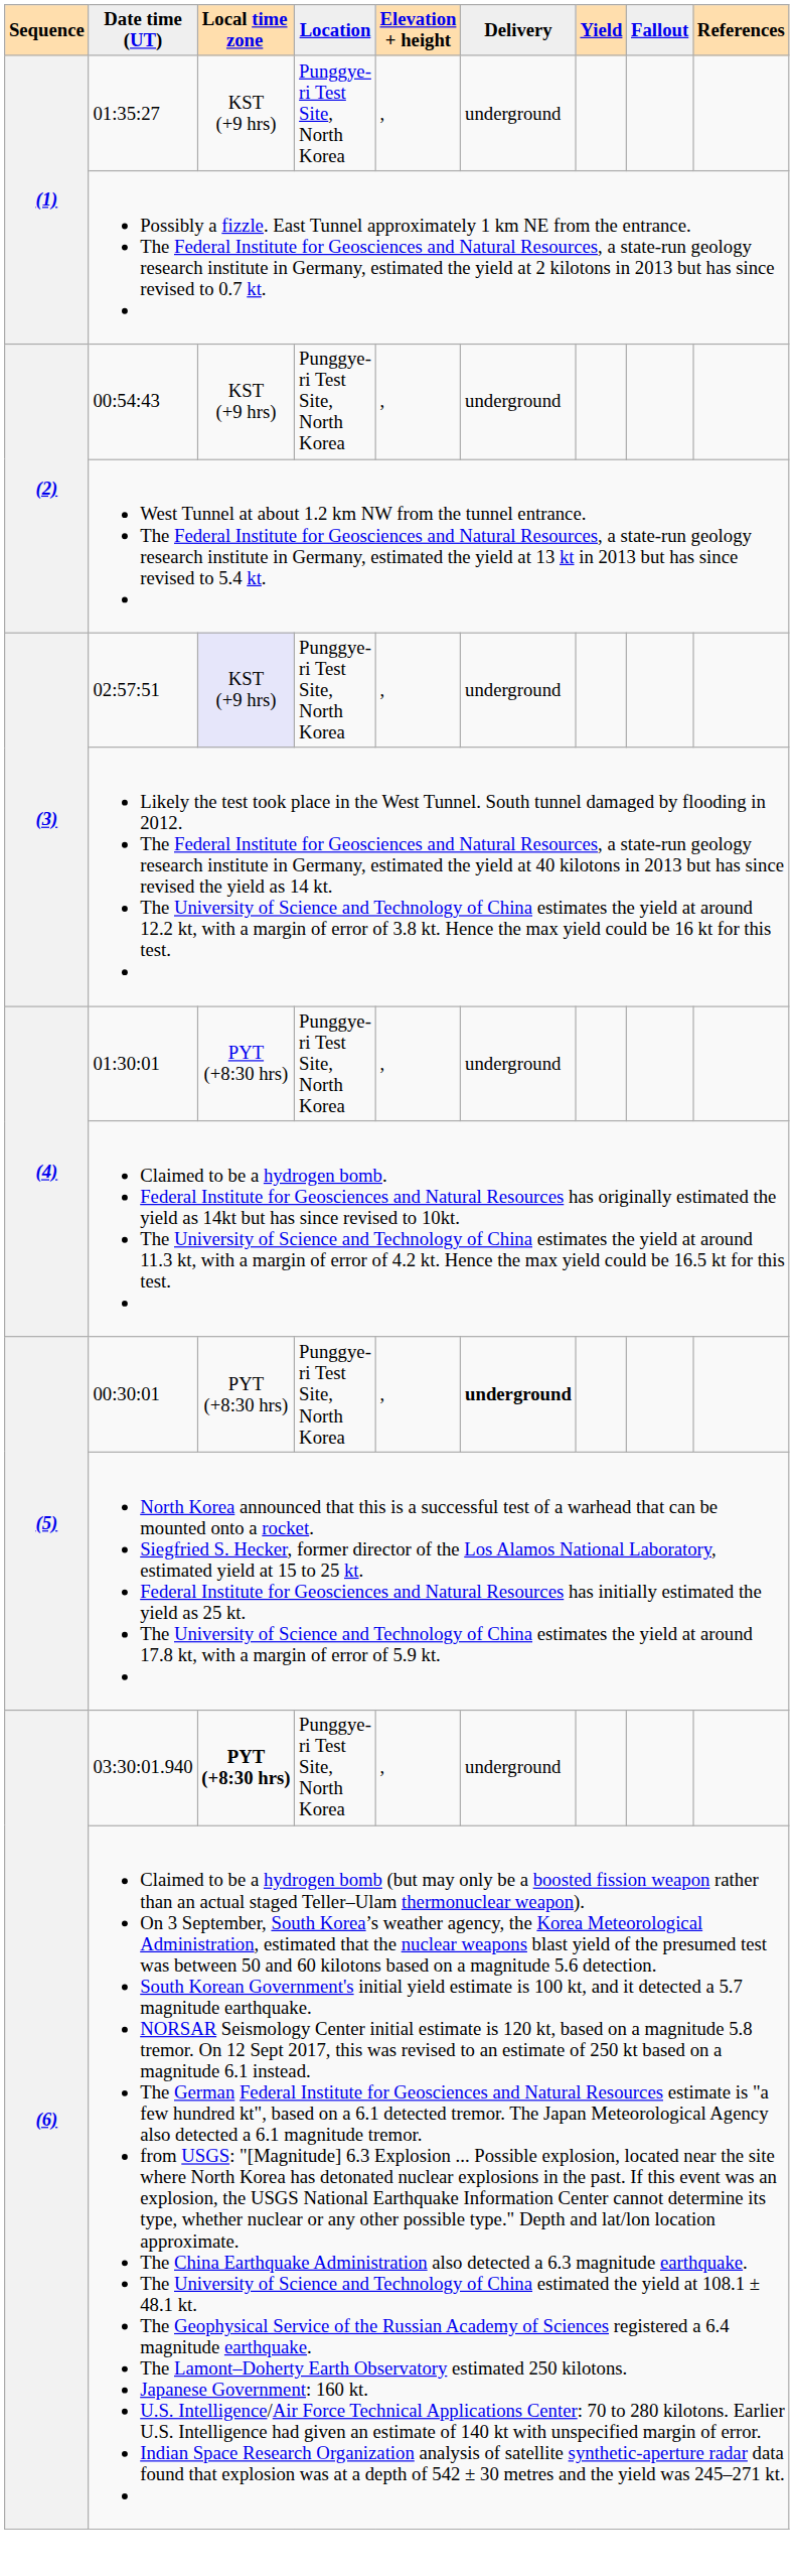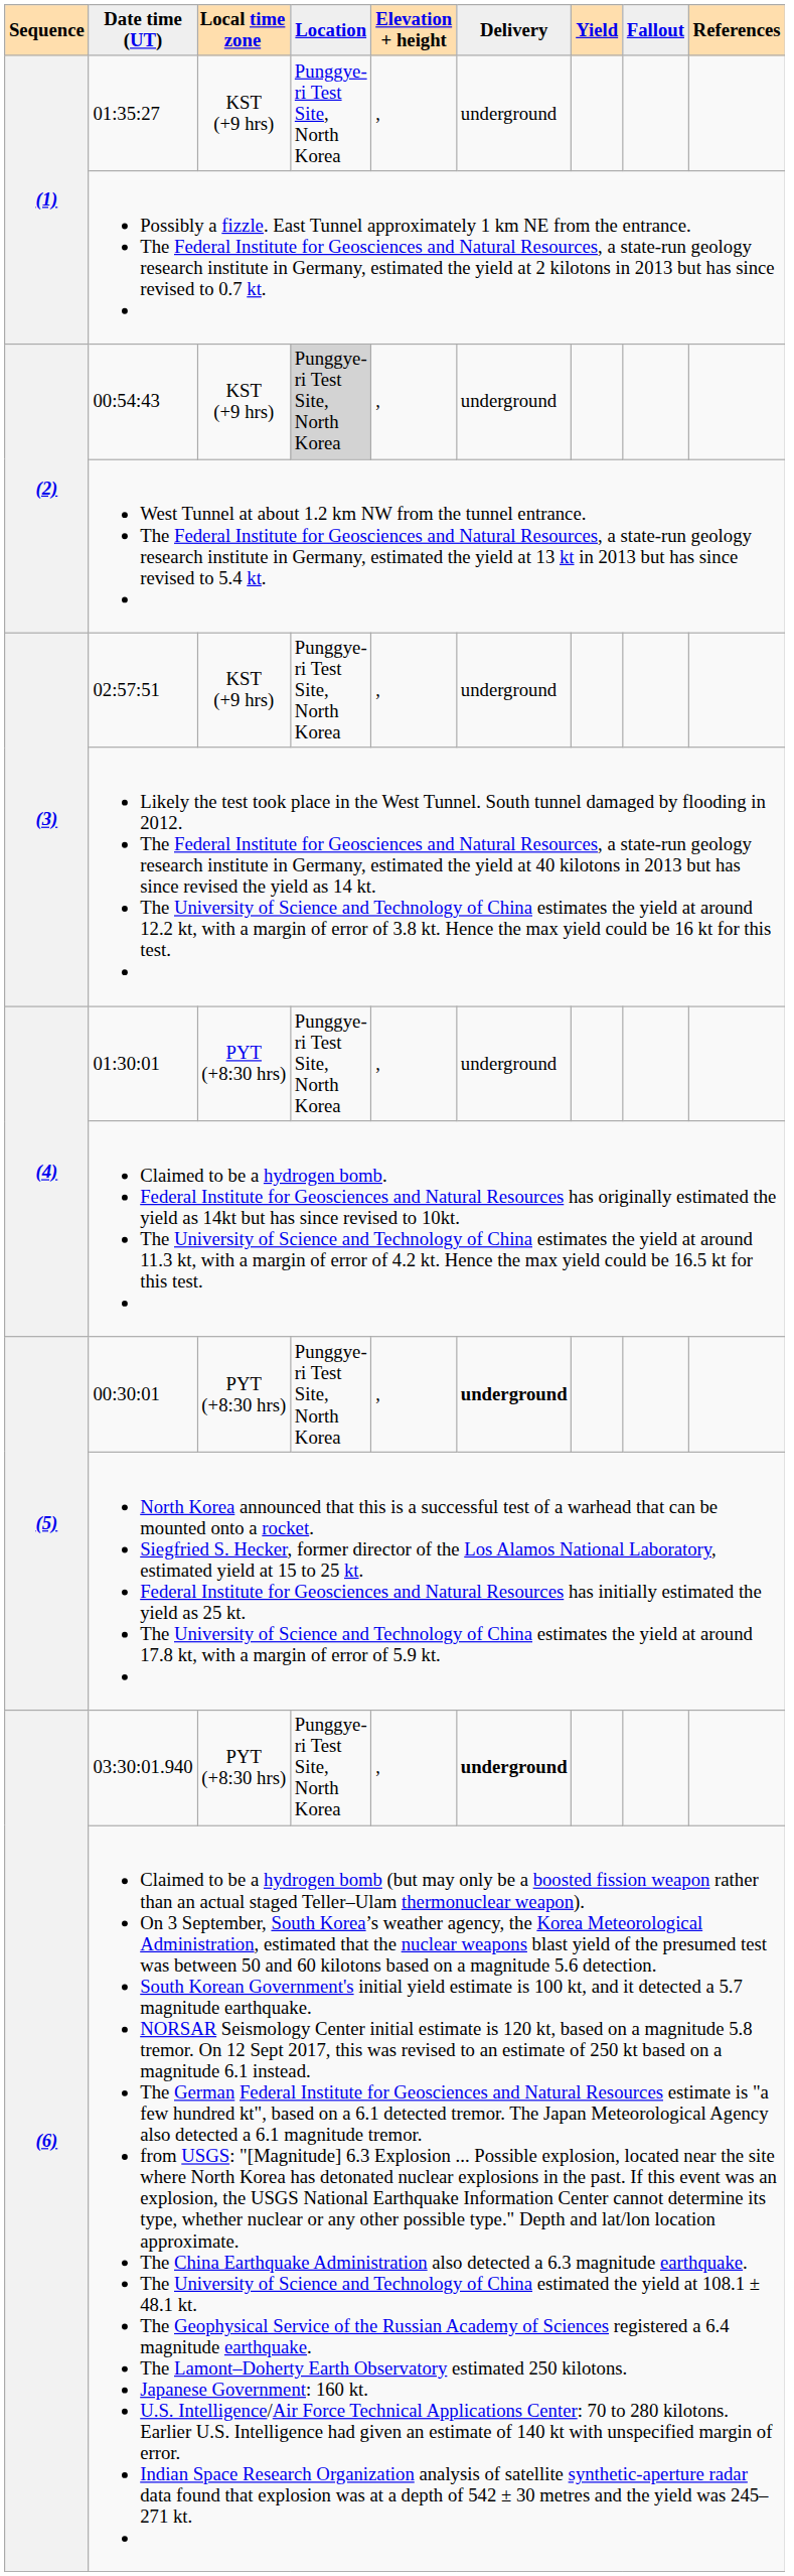 <table class="wikitable sortable">
 <tr>
 <th style="background:#ffdead;">Sequence</th>
 <th style="background:#efefef;">Date time (<a href='#'>UT</a>)</th>
 <th style="background:#ffdead; padding-left:1px;">Local <a href='#'>time zone</a></th>
 <th style="background:#efefef;"><a href='#'>Location</a></th>
 <th style="background:#ffdead;"><a href='#'>Elevation</a> + height</th>
 <th style="background:#efefef;">Delivery</th>
 <th style="background:#ffdead;"><a href='#'>Yield</a></th>
 <th style="background:#efefef;" class="unsortable"><a href='#'>Fallout</a></th>
 <th style="background:#ffdead;" class="unsortable">References</th>
 </tr>
 <tr>
 <th rowspan="2"><em><a href='#'>(1)</a></em></th>
 <td> 01:35:27</td>
 <td style="text-align:center;">KST<br>(+9 hrs)</td>
 <td><a href='#'>Punggye-ri Test Site</a>, North Korea </td>
 <td>, </td>
 <td>underground</td>
 <td style="text-align:center;"></td>
 <td></td>
 <td></td>
 </tr>
 <tr>
 <td colspan="8"><br><ul><li>Possibly a <a href='#'>fizzle</a>. East Tunnel approximately 1 km NE from the entrance.</li><li>The <a href='#'>Federal Institute for Geosciences and Natural Resources</a>, a state-run geology research institute in Germany, estimated the yield at 2 kilotons in 2013 but has since revised to 0.7 <a href='#'>kt</a>.</li><li></li></ul></td>
 </tr>
 <tr>
 <th rowspan="2"><em><a href='#'>(2)</a></em></th>
 <td> 00:54:43</td>
 <td style="text-align:center;">KST<br>(+9 hrs)</td>
-<td>Punggye-ri  Test Site, North Korea </td>
+<td style="background: lightgrey;">Punggye-ri  Test Site, North Korea </td>
 <td>, </td>
 <td>underground</td>
 <td style="text-align:center;"></td>
 <td></td>
 <td></td>
 </tr>
 <tr>
 <td colspan="8"><br><ul><li>West Tunnel at about 1.2 km NW from the tunnel entrance.</li><li>The <a href='#'>Federal Institute for Geosciences and Natural Resources</a>, a state-run geology research institute in Germany, estimated the yield at 13 <a href='#'>kt</a> in 2013 but has since revised to 5.4 <a href='#'>kt</a>.</li><li></li></ul></td>
 </tr>
 <tr>
 <th rowspan="2"><em><a href='#'>(3)</a></em></th>
 <td> 02:57:51</td>
-<td style="background: lavender; text-align:center;">KST<br>(+9 hrs)</td>
+<td style="text-align:center;">KST<br>(+9 hrs)</td>
 <td>Punggye-ri  Test Site, North Korea </td>
 <td>, </td>
 <td>underground</td>
 <td style="text-align:center;"></td>
 <td></td>
 <td></td>
 </tr>
 <tr>
 <td colspan="8"><br><ul><li>Likely the test took place in the West Tunnel.  South tunnel damaged by flooding in 2012.</li><li>The <a href='#'>Federal Institute for Geosciences and Natural Resources</a>, a state-run geology research institute in Germany, estimated the yield at 40 kilotons in 2013 but has since revised the yield as 14 kt.</li><li>The <a href='#'>University of Science and Technology of China</a> estimates the yield at around 12.2 kt, with a margin of error of 3.8 kt. Hence the max yield could be 16 kt for this test.</li><li></li></ul></td>
 </tr>
 <tr>
 <th rowspan="2"><em><a href='#'>(4)</a></em></th>
 <td> 01:30:01</td>
 <td style="text-align:center;"><a href='#'>PYT</a><br>(+8:30 hrs)</td>
 <td>Punggye-ri  Test Site, North Korea </td>
 <td>, </td>
 <td>underground</td>
 <td style="text-align:center;"></td>
 <td></td>
 <td></td>
 </tr>
 <tr>
 <td colspan="8"><br><ul><li>Claimed to be a <a href='#'>hydrogen bomb</a>.</li><li><a href='#'>Federal Institute for Geosciences and Natural Resources</a> has originally estimated the yield as 14kt but has since revised to 10kt.</li><li>The <a href='#'>University of Science and Technology of China</a> estimates the yield at around 11.3 kt, with a margin of error of 4.2 kt. Hence the max yield could be 16.5 kt for this test.</li><li></li></ul></td>
 </tr>
 <tr>
 <th rowspan="2"><em><a href='#'>(5)</a></em></th>
 <td> 00:30:01</td>
 <td style="text-align:center;">PYT<br>(+8:30 hrs)</td>
 <td>Punggye-ri  Test Site, North Korea </td>
 <td>, </td>
 <td><strong>underground</strong></td>
 <td style="text-align:center;"></td>
 <td></td>
 <td></td>
 </tr>
 <tr>
 <td colspan="8"><br><ul><li><a href='#'>North Korea</a> announced that this is a successful test of a warhead that can be mounted onto a <a href='#'>rocket</a>.</li><li><a href='#'>Siegfried S. Hecker</a>, former director of the <a href='#'>Los Alamos National Laboratory</a>, estimated yield at 15 to 25 <a href='#'>kt</a>.</li><li><a href='#'>Federal Institute for Geosciences and Natural Resources</a> has initially estimated the yield as 25 kt.</li><li>The <a href='#'>University of Science and Technology of China</a> estimates the yield at around 17.8 kt, with a margin of error of 5.9 kt.</li><li></li></ul></td>
 </tr>
 <tr>
 <th rowspan="2"><em><a href='#'>(6)</a></em></th>
 <td> 03:30:01.940</td>
-<td style="text-align:center;"><strong>PYT<br>(+8:30 hrs)</strong></td>
+<td style="text-align:center;">PYT<br>(+8:30 hrs)</td>
 <td>Punggye-ri  Test Site, North Korea </td>
 <td>, </td>
-<td>underground</td>
+<td><strong>underground</strong></td>
 <td style="text-align:center;"></td>
 <td></td>
 <td></td>
 </tr>
 <tr>
 <td colspan="8"><br><ul><li>Claimed to be a <a href='#'>hydrogen bomb</a> (but may only be a <a href='#'>boosted fission weapon</a> rather than an actual staged Teller–Ulam <a href='#'>thermonuclear weapon</a>).</li><li>On 3 September, <a href='#'>South Korea</a>’s weather agency, the <a href='#'>Korea Meteorological Administration</a>, estimated that the <a href='#'>nuclear weapons</a> blast yield of the presumed test was between 50 and 60 kilotons based on a magnitude 5.6 detection.</li><li><a href='#'>South Korean Government's</a> initial yield estimate is 100 kt, and it detected a 5.7 magnitude earthquake.</li><li><a href='#'>NORSAR</a> Seismology Center initial estimate is 120 kt, based on a magnitude 5.8 tremor. On 12 Sept 2017, this was revised to an estimate of 250 kt based on a magnitude 6.1 instead.</li><li>The <a href='#'>German</a> <a href='#'>Federal Institute for Geosciences and Natural Resources</a> estimate is "a few hundred kt", based on a 6.1 detected tremor. The Japan Meteorological Agency also detected a 6.1 magnitude tremor.</li><li>from <a href='#'>USGS</a>: "[Magnitude] 6.3 Explosion ... Possible explosion, located near the site where North Korea has detonated nuclear explosions in the past. If this event was an explosion, the USGS National Earthquake Information Center cannot determine its type, whether nuclear or any other possible type." Depth and lat/lon location approximate.</li><li>The <a href='#'>China Earthquake Administration</a> also detected a 6.3 magnitude <a href='#'>earthquake</a>.</li><li>The <a href='#'>University of Science and Technology of China</a> estimated the yield at 108.1 ± 48.1 kt.</li><li>The <a href='#'>Geophysical Service of the Russian Academy of Sciences</a> registered a 6.4 magnitude <a href='#'>earthquake</a>.</li><li>The <a href='#'>Lamont–Doherty Earth Observatory</a> estimated 250 kilotons.</li><li><a href='#'>Japanese Government</a>: 160 kt.</li><li><a href='#'>U.S. Intelligence</a>/<a href='#'>Air Force Technical Applications Center</a>: 70 to 280 kilotons. Earlier U.S. Intelligence had given an estimate of 140 kt with unspecified margin of error.</li><li><a href='#'>Indian Space Research Organization</a> analysis of satellite <a href='#'>synthetic-aperture radar</a> data found that explosion was at a depth of 542 ± 30 metres and the yield was 245–271 kt.</li><li></li></ul></td>
 </tr>
 <tr>
 </tr>
 </table>
